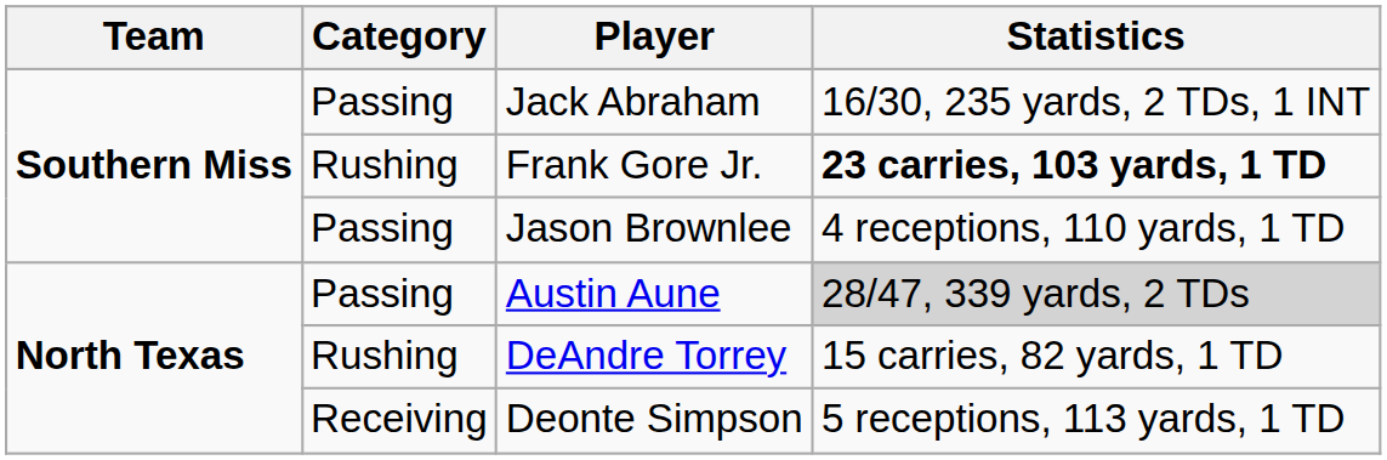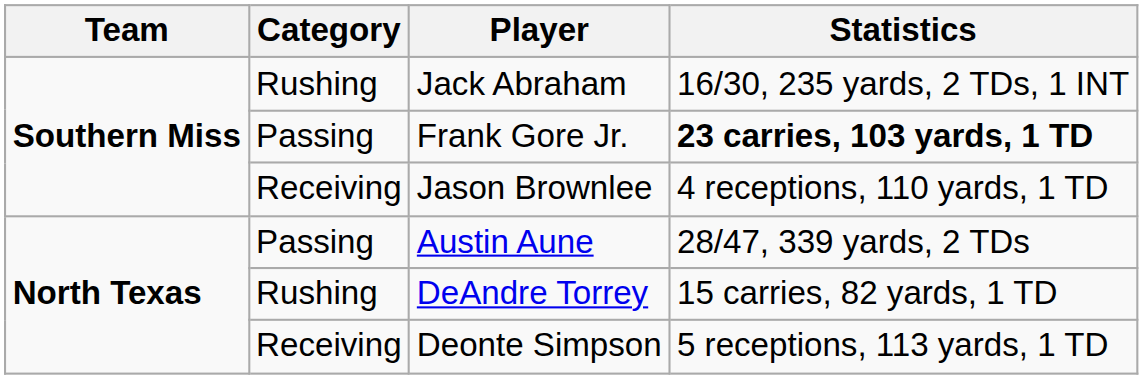 <table class="wikitable" style="float: left;">
 <tr>
 <th>Team</th>
 <th>Category</th>
 <th>Player</th>
 <th>Statistics</th>
 </tr>
 <tr>
 <td rowspan=3><strong>Southern Miss</strong></td>
-<td>Passing</td>
+<td>Rushing</td>
 <td>Jack Abraham</td>
 <td>16/30, 235 yards, 2 TDs, 1 INT</td>
 </tr>
 <tr>
-<td>Rushing</td>
+<td>Passing</td>
 <td>Frank Gore Jr.</td>
 <td><strong>23 carries, 103 yards, 1 TD</strong></td>
 </tr>
 <tr>
-<td>Passing</td>
+<td>Receiving</td>
 <td>Jason Brownlee</td>
 <td>4 receptions, 110 yards, 1 TD</td>
 </tr>
 <tr>
 <td rowspan=3><strong>North Texas</strong></td>
 <td>Passing</td>
 <td><a href='#'>Austin Aune</a></td>
-<td style="background: lightgrey;">28/47, 339 yards, 2 TDs</td>
+<td>28/47, 339 yards, 2 TDs</td>
 </tr>
 <tr>
 <td>Rushing</td>
 <td><a href='#'>DeAndre Torrey</a></td>
 <td>15 carries, 82 yards, 1 TD</td>
 </tr>
 <tr>
 <td>Receiving</td>
 <td>Deonte Simpson</td>
 <td>5 receptions, 113 yards, 1 TD</td>
 </tr>
 </table>
